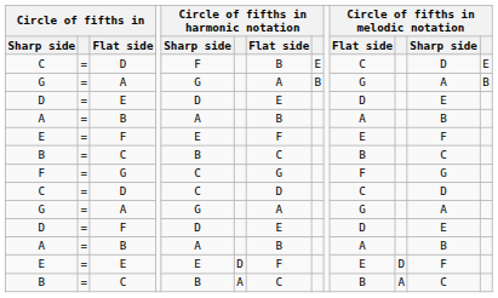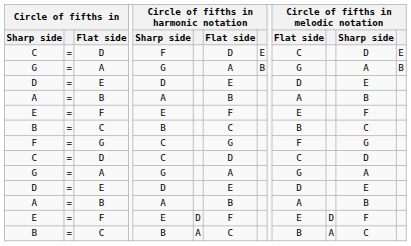 <table class="wikitable"  style="text-align:center;vertical-align:center;">
 <tr>
 <th colspan= 3>Circle of fifths in<br></th>
 <td rowspan=15></td>
 <th colspan= 4>Circle of fifths in<br> harmonic notation</th>
 <td rowspan=15></td>
 <th colspan= 4>Circle of fifths in<br> melodic notation</th>
 </tr>
 <tr>
 <th>Sharp side</th>
 <th></th>
 <th>Flat side</th>
 <th>Sharp side</th>
 <th></th>
 <th>Flat side</th>
 <th></th>
 <th>Flat side</th>
 <th></th>
 <th>Sharp side</th>
 <th></th>
 </tr>
 <tr>
 <td>C</td>
 <td>=</td>
 <td>D</td>
 <td>F</td>
 <td></td>
-<td>B</td>
+<td>D</td>
 <td>E</td>
 <td>C</td>
 <td></td>
 <td>D</td>
 <td>E</td>
 </tr>
 <tr>
 <td>G</td>
 <td>=</td>
 <td>A</td>
 <td>G</td>
 <td></td>
 <td>A</td>
 <td>B</td>
 <td>G</td>
 <td></td>
 <td>A</td>
 <td>B</td>
 </tr>
 <tr>
 <td>D</td>
 <td>=</td>
 <td>E</td>
 <td>D</td>
 <td></td>
 <td>E</td>
 <td></td>
 <td>D</td>
 <td></td>
 <td>E</td>
 <td></td>
 </tr>
 <tr>
 <td>A</td>
 <td>=</td>
 <td>B</td>
 <td>A</td>
 <td></td>
 <td>B</td>
 <td></td>
 <td>A</td>
 <td></td>
 <td>B</td>
 <td></td>
 </tr>
 <tr>
 <td>E</td>
 <td>=</td>
 <td>F</td>
 <td>E</td>
 <td></td>
 <td>F</td>
 <td></td>
 <td>E</td>
 <td></td>
 <td>F</td>
 <td></td>
 </tr>
 <tr>
 <td>B</td>
 <td>=</td>
 <td>C</td>
 <td>B</td>
 <td></td>
 <td>C</td>
 <td></td>
 <td>B</td>
 <td></td>
 <td>C</td>
 <td></td>
 </tr>
 <tr>
 <td>F</td>
 <td>=</td>
 <td>G</td>
 <td>C</td>
 <td></td>
 <td>G</td>
 <td></td>
 <td>F</td>
 <td></td>
 <td>G</td>
 <td></td>
 </tr>
 <tr>
 <td>C</td>
 <td>=</td>
 <td>D</td>
 <td>C</td>
 <td></td>
 <td>D</td>
 <td></td>
 <td>C</td>
 <td></td>
 <td>D</td>
 <td></td>
 </tr>
 <tr>
 <td>G</td>
 <td>=</td>
 <td>A</td>
 <td>G</td>
 <td></td>
 <td>A</td>
 <td></td>
 <td>G</td>
 <td></td>
 <td>A</td>
 <td></td>
 </tr>
 <tr>
 <td>D</td>
 <td>=</td>
-<td>F</td>
+<td>E</td>
 <td>D</td>
 <td></td>
 <td>E</td>
 <td></td>
 <td>D</td>
 <td></td>
 <td>E</td>
 <td></td>
 </tr>
 <tr>
 <td>A</td>
 <td>=</td>
 <td>B</td>
 <td>A</td>
 <td></td>
 <td>B</td>
 <td></td>
 <td>A</td>
 <td></td>
 <td>B</td>
 <td></td>
 </tr>
 <tr>
 <td>E</td>
 <td>=</td>
-<td>E</td>
+<td>F</td>
 <td>E</td>
 <td>D</td>
 <td>F</td>
 <td></td>
 <td>E</td>
 <td>D</td>
 <td>F</td>
 <td></td>
 </tr>
 <tr>
 <td>B</td>
 <td>=</td>
 <td>C</td>
 <td>B</td>
 <td>A</td>
 <td>C</td>
 <td></td>
 <td>B</td>
 <td>A</td>
 <td>C</td>
 <td></td>
 </tr>
 </table>
